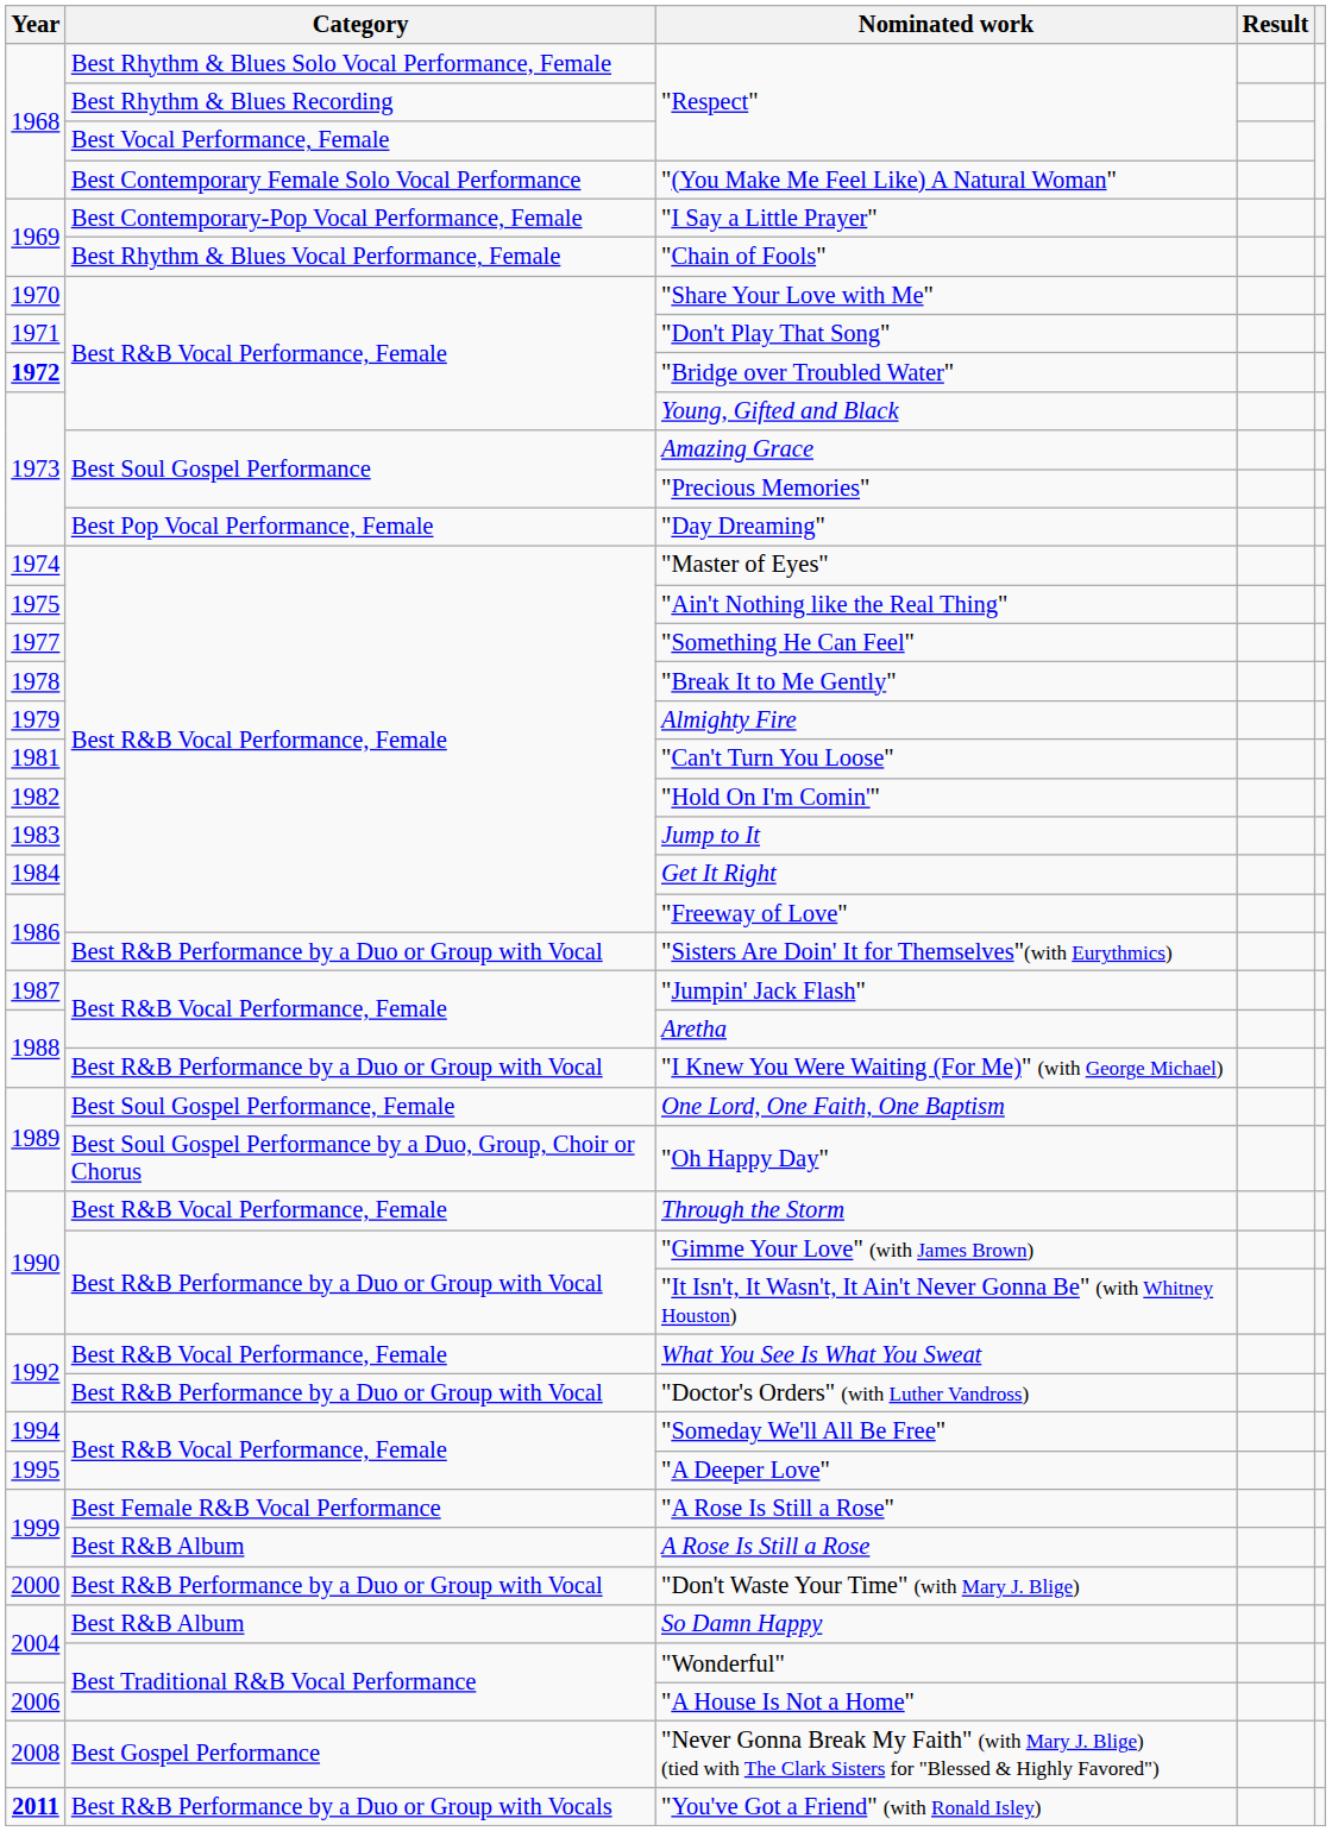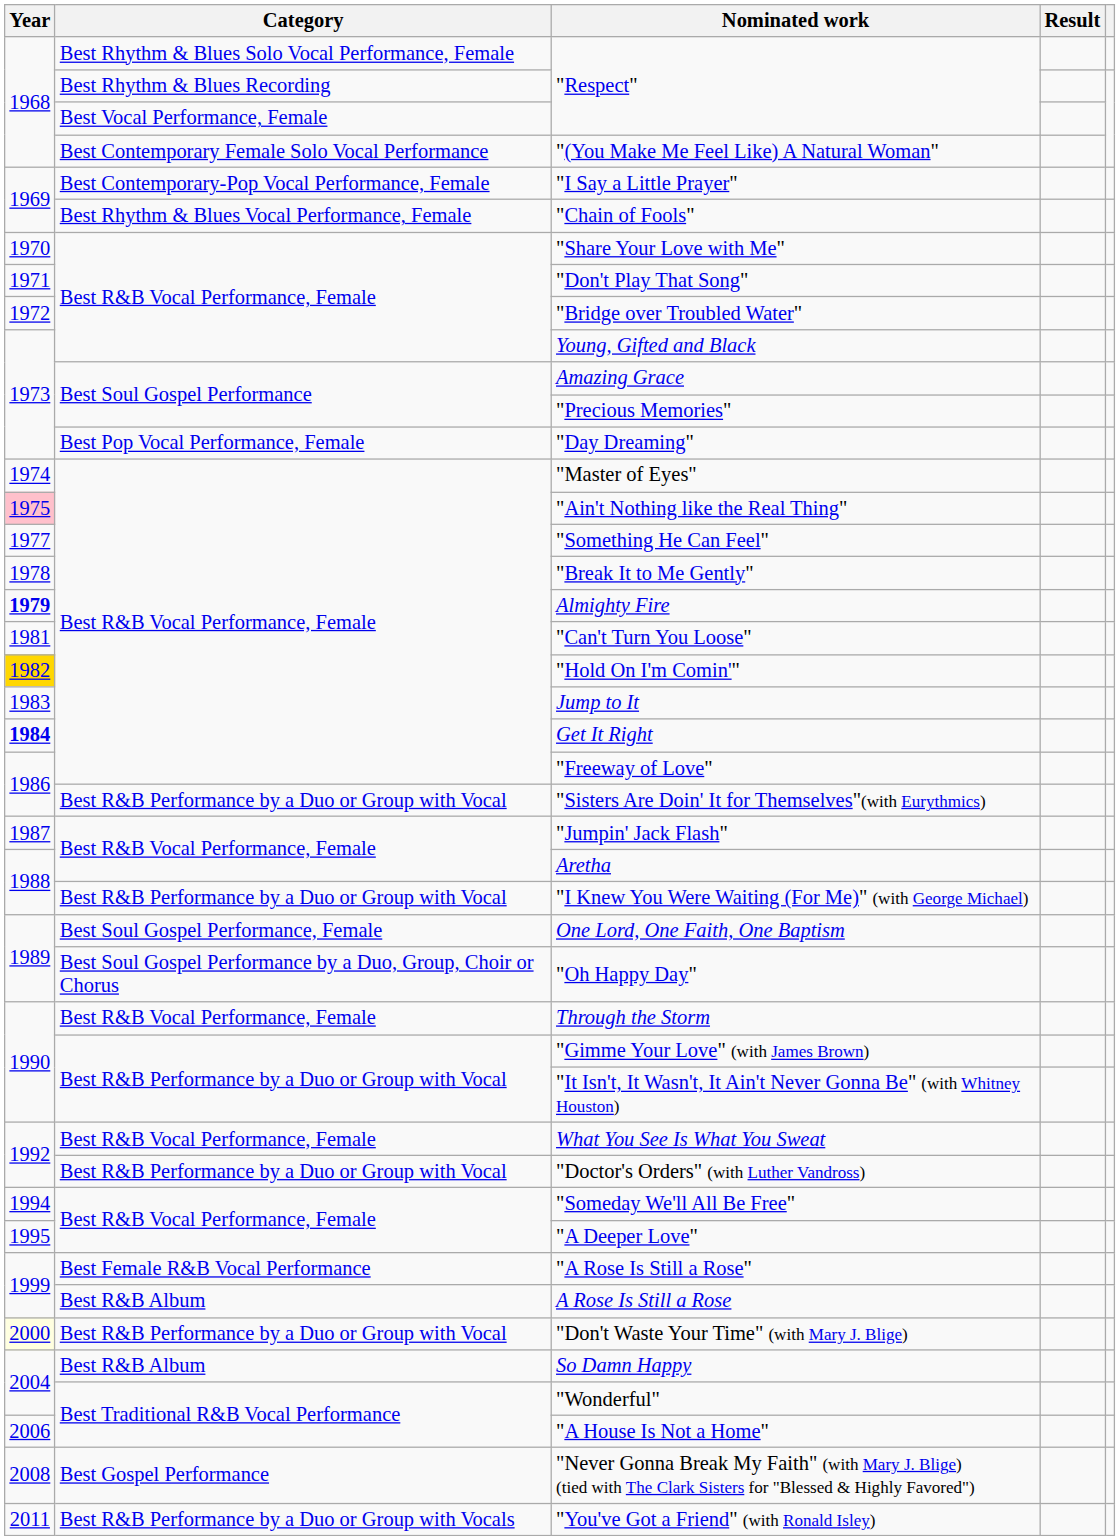 <table class="wikitable">
 <tr>
 <th>Year</th>
 <th>Category</th>
 <th>Nominated work</th>
 <th>Result</th>
 <th></th>
 </tr>
 <tr>
 <td rowspan="4" align="center"><a href='#'>1968</a></td>
 <td><a href='#'>Best Rhythm & Blues Solo Vocal Performance, Female</a></td>
 <td rowspan="3">"<a href='#'>Respect</a>"</td>
 <td></td>
 <td style="text-align:center;"></td>
 </tr>
 <tr>
 <td><a href='#'>Best Rhythm & Blues Recording</a></td>
 <td></td>
 <td rowspan="3" style="text-align:center;"></td>
 </tr>
 <tr>
 <td><a href='#'>Best Vocal Performance, Female</a></td>
 <td></td>
 </tr>
 <tr>
 <td><a href='#'>Best Contemporary Female Solo Vocal Performance</a></td>
 <td>"<a href='#'>(You Make Me Feel Like) A Natural Woman</a>"</td>
 <td></td>
 </tr>
 <tr>
 <td rowspan="2" align="center"><a href='#'>1969</a></td>
 <td><a href='#'>Best Contemporary-Pop Vocal Performance, Female</a></td>
 <td>"<a href='#'>I Say a Little Prayer</a>"</td>
 <td></td>
 <td style="text-align:center;"></td>
 </tr>
 <tr>
 <td><a href='#'>Best Rhythm & Blues Vocal Performance, Female</a></td>
 <td>"<a href='#'>Chain of Fools</a>"</td>
 <td></td>
 <td style="text-align:center;"></td>
 </tr>
 <tr>
 <td align="center"><a href='#'>1970</a></td>
 <td rowspan="4"><a href='#'>Best R&B Vocal Performance, Female</a></td>
 <td>"<a href='#'>Share Your Love with Me</a>"</td>
 <td></td>
 <td style="text-align:center;"></td>
 </tr>
 <tr>
 <td align="center"><a href='#'>1971</a></td>
 <td>"<a href='#'>Don't Play That Song</a>"</td>
 <td></td>
 <td style="text-align:center;"></td>
 </tr>
 <tr>
-<td align="center"><strong><a href='#'>1972</a></strong></td>
+<td align="center"><a href='#'>1972</a></td>
 <td>"<a href='#'>Bridge over Troubled Water</a>"</td>
 <td></td>
 <td style="text-align:center;"></td>
 </tr>
 <tr>
 <td rowspan="4" align="center"><a href='#'>1973</a></td>
 <td><em><a href='#'>Young, Gifted and Black</a></em></td>
 <td></td>
 <td style="text-align:center;"></td>
 </tr>
 <tr>
 <td rowspan="2"><a href='#'>Best Soul Gospel Performance</a></td>
 <td><em><a href='#'>Amazing Grace</a></em></td>
 <td></td>
 <td style="text-align:center;"></td>
 </tr>
 <tr>
 <td>"<a href='#'>Precious Memories</a>"</td>
 <td></td>
 <td style="text-align:center;"></td>
 </tr>
 <tr>
 <td><a href='#'>Best Pop Vocal Performance, Female</a></td>
 <td>"<a href='#'>Day Dreaming</a>"</td>
 <td></td>
 <td style="text-align:center;"></td>
 </tr>
 <tr>
 <td align="center"><a href='#'>1974</a></td>
 <td rowspan="10"><a href='#'>Best R&B Vocal Performance, Female</a></td>
 <td>"Master of Eyes"</td>
 <td></td>
 <td style="text-align:center;"></td>
 </tr>
 <tr>
-<td align="center"><a href='#'>1975</a></td>
+<td align="center" style="background: pink;"><a href='#'>1975</a></td>
 <td>"<a href='#'>Ain't Nothing like the Real Thing</a>"</td>
 <td></td>
 <td style="text-align:center;"></td>
 </tr>
 <tr>
 <td align="center"><a href='#'>1977</a></td>
 <td>"<a href='#'>Something He Can Feel</a>"</td>
 <td></td>
 <td style="text-align:center;"></td>
 </tr>
 <tr>
 <td align="center"><a href='#'>1978</a></td>
 <td>"<a href='#'>Break It to Me Gently</a>"</td>
 <td></td>
 <td style="text-align:center;"></td>
 </tr>
 <tr>
-<td align="center"><a href='#'>1979</a></td>
+<td align="center"><strong><a href='#'>1979</a></strong></td>
 <td><em><a href='#'>Almighty Fire</a></em></td>
 <td></td>
 <td style="text-align:center;"></td>
 </tr>
 <tr>
 <td align="center"><a href='#'>1981</a></td>
 <td>"<a href='#'>Can't Turn You Loose</a>"</td>
 <td></td>
 <td style="text-align:center;"></td>
 </tr>
 <tr>
-<td align="center"><a href='#'>1982</a></td>
+<td align="center" style="background: gold;"><a href='#'>1982</a></td>
 <td>"<a href='#'>Hold On I'm Comin'</a>"</td>
 <td></td>
 <td style="text-align:center;"></td>
 </tr>
 <tr>
 <td align="center"><a href='#'>1983</a></td>
 <td><em><a href='#'>Jump to It</a></em></td>
 <td></td>
 <td style="text-align:center;"></td>
 </tr>
 <tr>
-<td align="center"><a href='#'>1984</a></td>
+<td align="center"><strong><a href='#'>1984</a></strong></td>
 <td><em><a href='#'>Get It Right</a></em></td>
 <td></td>
 <td style="text-align:center;"></td>
 </tr>
 <tr>
 <td rowspan="2" align="center"><a href='#'>1986</a></td>
 <td>"<a href='#'>Freeway of Love</a>"</td>
 <td></td>
 <td style="text-align:center;"></td>
 </tr>
 <tr>
 <td><a href='#'>Best R&B Performance by a Duo or Group with Vocal</a></td>
 <td>"<a href='#'>Sisters Are Doin' It for Themselves</a>"<small>(with <a href='#'>Eurythmics</a>)</small></td>
 <td></td>
 <td style="text-align:center;"></td>
 </tr>
 <tr>
 <td align="center"><a href='#'>1987</a></td>
 <td rowspan="2"><a href='#'>Best R&B Vocal Performance, Female</a></td>
 <td>"<a href='#'>Jumpin' Jack Flash</a>"</td>
 <td></td>
 <td style="text-align:center;"></td>
 </tr>
 <tr>
 <td rowspan="2" align="center"><a href='#'>1988</a></td>
 <td><em><a href='#'>Aretha</a></em></td>
 <td></td>
 <td style="text-align:center;"></td>
 </tr>
 <tr>
 <td><a href='#'>Best R&B Performance by a Duo or Group with Vocal</a></td>
 <td>"<a href='#'>I Knew You Were Waiting (For Me)</a>" <small>(with <a href='#'>George Michael</a>)</small></td>
 <td></td>
 <td style="text-align:center;"></td>
 </tr>
 <tr>
 <td rowspan="2" align="center"><a href='#'>1989</a></td>
 <td><a href='#'>Best Soul Gospel Performance, Female</a></td>
 <td><em><a href='#'>One Lord, One Faith, One Baptism</a></em></td>
 <td></td>
 <td style="text-align:center;"></td>
 </tr>
 <tr>
 <td><a href='#'>Best Soul Gospel Performance by a Duo, Group, Choir or Chorus</a></td>
 <td>"<a href='#'>Oh Happy Day</a>"</td>
 <td></td>
 <td style="text-align:center;"></td>
 </tr>
 <tr>
 <td rowspan="3" align="center"><a href='#'>1990</a></td>
 <td><a href='#'>Best R&B Vocal Performance, Female</a></td>
 <td><em><a href='#'>Through the Storm</a></em></td>
 <td></td>
 <td style="text-align:center;"></td>
 </tr>
 <tr>
 <td rowspan="2"><a href='#'>Best R&B Performance by a Duo or Group with Vocal</a></td>
 <td>"<a href='#'>Gimme Your Love</a>" <small>(with <a href='#'>James Brown</a>)</small></td>
 <td></td>
 <td style="text-align:center;"></td>
 </tr>
 <tr>
 <td>"<a href='#'>It Isn't, It Wasn't, It Ain't Never Gonna Be</a>" <small>(with <a href='#'>Whitney Houston</a>)</small></td>
 <td></td>
 <td style="text-align:center;"></td>
 </tr>
 <tr>
 <td rowspan="2" align="center"><a href='#'>1992</a></td>
 <td><a href='#'>Best R&B Vocal Performance, Female</a></td>
 <td><em><a href='#'>What You See Is What You Sweat</a></em></td>
 <td></td>
 <td style="text-align:center;"></td>
 </tr>
 <tr>
 <td><a href='#'>Best R&B Performance by a Duo or Group with Vocal</a></td>
 <td>"Doctor's Orders" <small>(with <a href='#'>Luther Vandross</a>)</small></td>
 <td></td>
 <td style="text-align:center;"></td>
 </tr>
 <tr>
 <td align="center"><a href='#'>1994</a></td>
 <td rowspan="2"><a href='#'>Best R&B Vocal Performance, Female</a></td>
 <td>"<a href='#'>Someday We'll All Be Free</a>"</td>
 <td></td>
 <td style="text-align:center;"></td>
 </tr>
 <tr>
 <td align="center"><a href='#'>1995</a></td>
 <td>"<a href='#'>A Deeper Love</a>"</td>
 <td></td>
 <td style="text-align:center;"></td>
 </tr>
 <tr>
 <td rowspan="2" align="center"><a href='#'>1999</a></td>
 <td><a href='#'>Best Female R&B Vocal Performance</a></td>
 <td>"<a href='#'>A Rose Is Still a Rose</a>"</td>
 <td></td>
 <td style="text-align:center;"></td>
 </tr>
 <tr>
 <td><a href='#'>Best R&B Album</a></td>
 <td><em><a href='#'>A Rose Is Still a Rose</a></em></td>
 <td></td>
 <td align="center"></td>
 </tr>
 <tr>
-<td align="center"><a href='#'>2000</a></td>
+<td align="center" style="background: lightyellow;"><a href='#'>2000</a></td>
 <td><a href='#'>Best R&B Performance by a Duo or Group with Vocal</a></td>
 <td>"Don't Waste Your Time" <small>(with <a href='#'>Mary J. Blige</a>)</small></td>
 <td></td>
 <td align="center"></td>
 </tr>
 <tr>
 <td rowspan="2" align="center"><a href='#'>2004</a></td>
 <td><a href='#'>Best R&B Album</a></td>
 <td><em><a href='#'>So Damn Happy</a></em></td>
 <td></td>
 <td align="center"></td>
 </tr>
 <tr>
 <td rowspan="2"><a href='#'>Best Traditional R&B Vocal Performance</a></td>
 <td>"Wonderful"</td>
 <td></td>
 <td align="center"></td>
 </tr>
 <tr>
 <td align="center"><a href='#'>2006</a></td>
 <td>"<a href='#'>A House Is Not a Home</a>"</td>
 <td></td>
 <td align="center"></td>
 </tr>
 <tr>
 <td align="center"><a href='#'>2008</a></td>
 <td><a href='#'>Best Gospel Performance</a></td>
 <td>"Never Gonna Break My Faith" <small>(with <a href='#'>Mary J. Blige</a>)</small><br><small>(tied with <a href='#'>The Clark Sisters</a> for "Blessed & Highly Favored")</small></td>
 <td></td>
 <td style="text-align:center;"></td>
 </tr>
 <tr>
-<td align="center"><strong><a href='#'>2011</a></strong></td>
+<td align="center"><a href='#'>2011</a></td>
 <td><a href='#'>Best R&B Performance by a Duo or Group with Vocals</a></td>
 <td>"<a href='#'>You've Got a Friend</a>" <small>(with <a href='#'>Ronald Isley</a>)</small></td>
 <td></td>
 <td style="text-align:center;"></td>
 </tr>
 </table>
